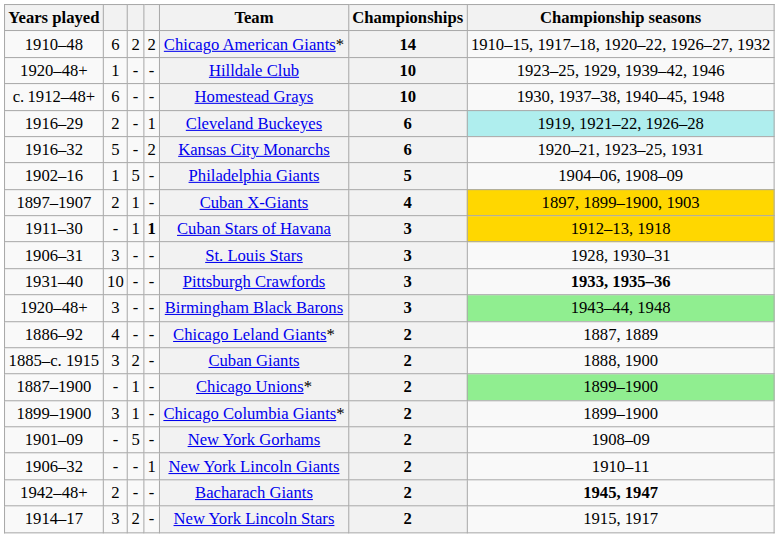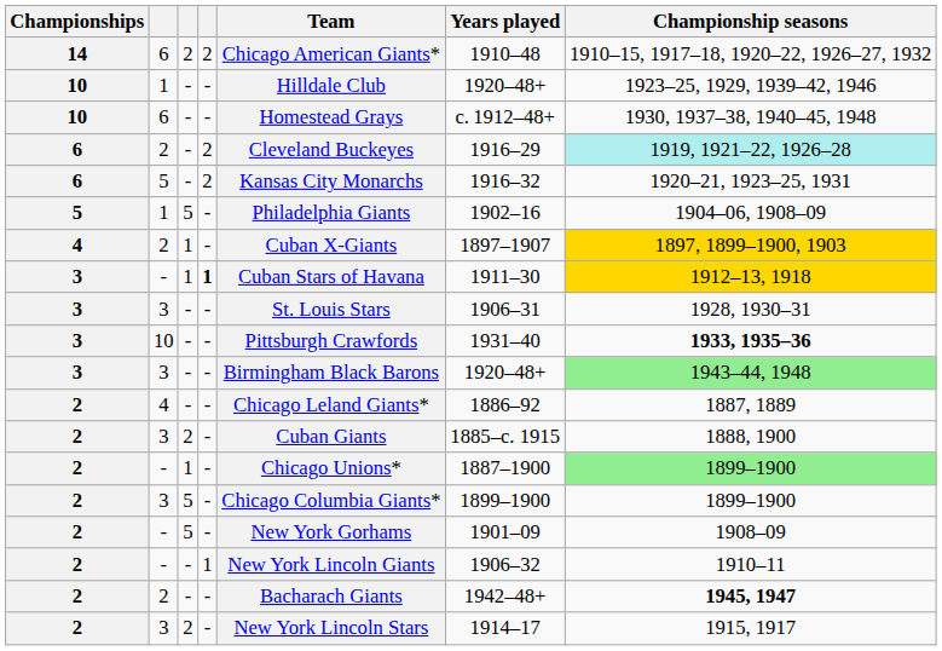 <table class="wikitable" style="text-align:center;">
 <tr>
-<th>Years played</th>
+<th>Championships</th>
 <th></th>
 <th></th>
 <th></th>
 <th>Team</th>
-<th>Championships</th>
+<th>Years played</th>
 <th>Championship seasons</th>
 </tr>
 <tr>
-<td>1910–48</td>
+<td bgcolor=#f2f2f2><strong>14</strong></td>
 <td>6</td>
 <td>2</td>
 <td>2</td>
 <td align=left; bgcolor=#f2f2f2><a href='#'>Chicago American Giants</a>*</td>
-<td bgcolor=#f2f2f2><strong>14</strong></td>
+<td>1910–48</td>
 <td>1910–15, 1917–18, 1920–22, 1926–27, 1932</td>
 </tr>
 <tr>
-<td>1920–48+</td>
+<td bgcolor=#f2f2f2><strong>10</strong></td>
 <td>1</td>
 <td>-</td>
 <td>-</td>
 <td align=left; bgcolor=#f2f2f2><a href='#'>Hilldale Club</a></td>
-<td bgcolor=#f2f2f2><strong>10</strong></td>
+<td>1920–48+</td>
 <td>1923–25, 1929, 1939–42, 1946</td>
 </tr>
 <tr>
-<td>c. 1912–48+</td>
+<td bgcolor=#f2f2f2><strong>10</strong></td>
 <td>6</td>
 <td>-</td>
 <td>-</td>
 <td align=left; bgcolor=#f2f2f2><a href='#'>Homestead Grays</a></td>
-<td bgcolor=#f2f2f2><strong>10</strong></td>
+<td>c. 1912–48+</td>
 <td>1930, 1937–38, 1940–45, 1948</td>
 </tr>
 <tr>
-<td>1916–29</td>
+<td bgcolor=#f2f2f2><strong>6</strong></td>
 <td>2</td>
 <td>-</td>
-<td>1</td>
+<td>2</td>
 <td align=left; bgcolor=#f2f2f2><a href='#'>Cleveland Buckeyes</a></td>
-<td bgcolor=#f2f2f2><strong>6</strong></td>
+<td>1916–29</td>
 <td style="background: paleturquoise;">1919, 1921–22, 1926–28</td>
 </tr>
 <tr>
-<td>1916–32</td>
+<td bgcolor=#f2f2f2><strong>6</strong></td>
 <td>5</td>
 <td>-</td>
 <td>2</td>
 <td align=left; bgcolor=#f2f2f2><a href='#'>Kansas City Monarchs</a></td>
-<td bgcolor=#f2f2f2><strong>6</strong></td>
+<td>1916–32</td>
 <td>1920–21, 1923–25, 1931</td>
 </tr>
 <tr>
-<td>1902–16</td>
+<td bgcolor=#f2f2f2><strong>5</strong></td>
 <td>1</td>
 <td>5</td>
 <td>-</td>
 <td align=left; bgcolor=#f2f2f2><a href='#'>Philadelphia Giants</a></td>
-<td bgcolor=#f2f2f2><strong>5</strong></td>
+<td>1902–16</td>
 <td>1904–06, 1908–09</td>
 </tr>
 <tr>
-<td>1897–1907</td>
+<td bgcolor=#f2f2f2><strong>4</strong></td>
 <td>2</td>
 <td>1</td>
 <td>-</td>
 <td align=left; bgcolor=#f2f2f2><a href='#'>Cuban X-Giants</a></td>
-<td bgcolor=#f2f2f2><strong>4</strong></td>
+<td>1897–1907</td>
 <td style="background: gold;">1897, 1899–1900, 1903</td>
 </tr>
 <tr>
-<td>1911–30</td>
+<td bgcolor=#f2f2f2><strong>3</strong></td>
 <td>-</td>
 <td>1</td>
 <td><strong>1</strong></td>
 <td align=left; bgcolor=#f2f2f2><a href='#'>Cuban Stars of Havana</a></td>
-<td bgcolor=#f2f2f2><strong>3</strong></td>
+<td>1911–30</td>
 <td style="background: gold;">1912–13, 1918</td>
 </tr>
 <tr>
-<td>1906–31</td>
+<td bgcolor=#f2f2f2><strong>3</strong></td>
 <td>3</td>
 <td>-</td>
 <td>-</td>
 <td align=left; bgcolor=#f2f2f2><a href='#'>St. Louis Stars</a></td>
-<td bgcolor=#f2f2f2><strong>3</strong></td>
+<td>1906–31</td>
 <td>1928, 1930–31</td>
 </tr>
 <tr>
-<td>1931–40</td>
+<td bgcolor=#f2f2f2><strong>3</strong></td>
 <td>10</td>
 <td>-</td>
 <td>-</td>
 <td align=left; bgcolor=#f2f2f2><a href='#'>Pittsburgh Crawfords</a></td>
-<td bgcolor=#f2f2f2><strong>3</strong></td>
+<td>1931–40</td>
 <td><strong>1933, 1935–36</strong></td>
 </tr>
 <tr>
-<td>1920–48+</td>
+<td bgcolor=#f2f2f2><strong>3</strong></td>
 <td>3</td>
 <td>-</td>
 <td>-</td>
 <td align=left; bgcolor=#f2f2f2><a href='#'>Birmingham Black Barons</a></td>
-<td bgcolor=#f2f2f2><strong>3</strong></td>
+<td>1920–48+</td>
 <td style="background: lightgreen;">1943–44, 1948</td>
 </tr>
 <tr>
-<td>1886–92</td>
+<td bgcolor=#f2f2f2><strong>2</strong></td>
 <td>4</td>
 <td>-</td>
 <td>-</td>
 <td align=left; bgcolor=#f2f2f2><a href='#'>Chicago Leland Giants</a>*</td>
-<td bgcolor=#f2f2f2><strong>2</strong></td>
+<td>1886–92</td>
 <td>1887, 1889</td>
 </tr>
 <tr>
-<td>1885–c. 1915</td>
+<td bgcolor=#f2f2f2><strong>2</strong></td>
 <td>3</td>
 <td>2</td>
 <td>-</td>
 <td align=left; bgcolor=#f2f2f2><a href='#'>Cuban Giants</a></td>
-<td bgcolor=#f2f2f2><strong>2</strong></td>
+<td>1885–c. 1915</td>
 <td>1888, 1900</td>
 </tr>
 <tr>
-<td>1887–1900</td>
+<td bgcolor=#f2f2f2><strong>2</strong></td>
 <td>-</td>
 <td>1</td>
 <td>-</td>
 <td align=left; bgcolor=#f2f2f2><a href='#'>Chicago Unions</a>*</td>
-<td bgcolor=#f2f2f2><strong>2</strong></td>
+<td>1887–1900</td>
 <td style="background: lightgreen;">1899–1900</td>
 </tr>
 <tr>
-<td>1899–1900</td>
+<td bgcolor=#f2f2f2><strong>2</strong></td>
 <td>3</td>
-<td>1</td>
+<td>5</td>
 <td>-</td>
 <td align=left; bgcolor=#f2f2f2><a href='#'>Chicago Columbia Giants</a>*</td>
-<td bgcolor=#f2f2f2><strong>2</strong></td>
+<td>1899–1900</td>
 <td>1899–1900</td>
 </tr>
 <tr>
-<td>1901–09</td>
+<td bgcolor=#f2f2f2><strong>2</strong></td>
 <td>-</td>
 <td>5</td>
 <td>-</td>
 <td align=left; bgcolor=#f2f2f2><a href='#'>New York Gorhams</a></td>
-<td bgcolor=#f2f2f2><strong>2</strong></td>
+<td>1901–09</td>
 <td>1908–09</td>
 </tr>
 <tr>
-<td>1906–32</td>
+<td bgcolor=#f2f2f2><strong>2</strong></td>
 <td>-</td>
 <td>-</td>
 <td>1</td>
 <td align=left; bgcolor=#f2f2f2><a href='#'>New York Lincoln Giants</a></td>
-<td bgcolor=#f2f2f2><strong>2</strong></td>
+<td>1906–32</td>
 <td>1910–11</td>
 </tr>
 <tr>
-<td>1942–48+</td>
+<td bgcolor=#f2f2f2><strong>2</strong></td>
 <td>2</td>
 <td>-</td>
 <td>-</td>
 <td align=left; bgcolor=#f2f2f2><a href='#'>Bacharach Giants</a></td>
-<td bgcolor=#f2f2f2><strong>2</strong></td>
+<td>1942–48+</td>
 <td><strong>1945, 1947</strong></td>
 </tr>
 <tr>
-<td>1914–17</td>
+<td bgcolor=#f2f2f2><strong>2</strong></td>
 <td>3</td>
 <td>2</td>
 <td>-</td>
 <td align=left; bgcolor=#f2f2f2><a href='#'>New York Lincoln Stars</a></td>
-<td bgcolor=#f2f2f2><strong>2</strong></td>
+<td>1914–17</td>
 <td>1915, 1917</td>
 </tr>
 </table>
